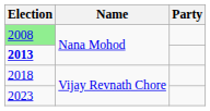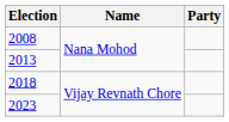 <table class="wikitable sortable">
 <tr>
 <th>Election</th>
 <th>Name</th>
 <th colspan=2>Party</th>
 </tr>
 <tr>
-<td style="background: lightgreen;"><a href='#'>2008</a></td>
+<td><a href='#'>2008</a></td>
 <td rowspan=2><a href='#'>Nana Mohod</a></td>
 <td></td>
 </tr>
 <tr>
-<td><strong><a href='#'>2013</a></strong></td>
+<td><a href='#'>2013</a></td>
 </tr>
 <tr>
 <td><a href='#'>2018</a></td>
 <td rowspan=2><a href='#'>Vijay Revnath Chore</a></td>
 <td></td>
 </tr>
 <tr>
 <td><a href='#'>2023</a></td>
 </tr>
 </table>
